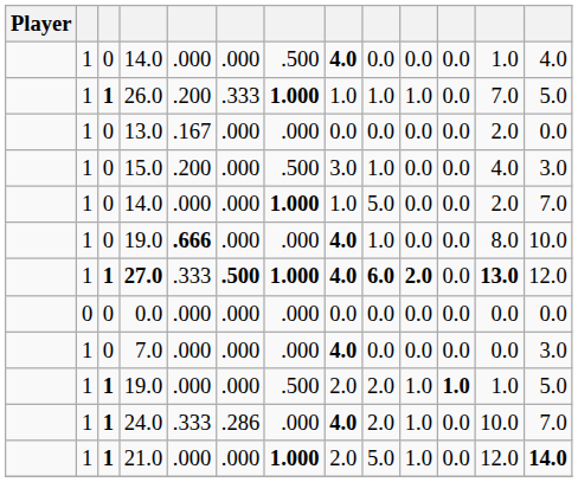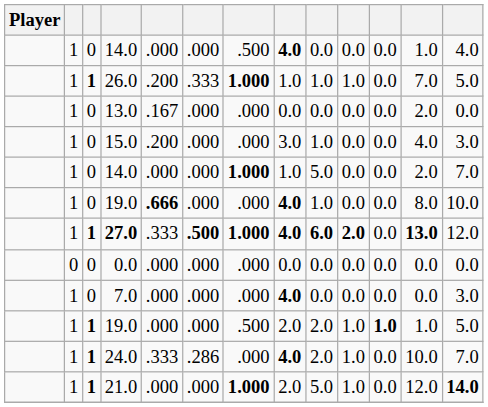 <table class="wikitable sortable" style="font-size:95%; text-align:right">
 <tr>
 <th>Player</th>
 <th></th>
 <th></th>
 <th></th>
 <th></th>
 <th></th>
 <th></th>
 <th></th>
 <th></th>
 <th></th>
 <th></th>
 <th></th>
 <th></th>
 </tr>
 <tr>
 <td><strong></strong></td>
 <td>1</td>
 <td>0</td>
 <td>14.0</td>
 <td>.000</td>
 <td>.000</td>
 <td>.500</td>
 <td><strong>4.0</strong></td>
 <td>0.0</td>
 <td>0.0</td>
 <td>0.0</td>
 <td>1.0</td>
 <td>4.0</td>
 </tr>
 <tr>
 <td><strong></strong></td>
 <td>1</td>
 <td><strong>1</strong></td>
 <td>26.0</td>
 <td>.200</td>
 <td>.333</td>
 <td><strong>1.000</strong></td>
 <td>1.0</td>
 <td>1.0</td>
 <td>1.0</td>
 <td>0.0</td>
 <td>7.0</td>
 <td>5.0</td>
 </tr>
 <tr>
 <td><strong></strong></td>
 <td>1</td>
 <td>0</td>
 <td>13.0</td>
 <td>.167</td>
 <td>.000</td>
 <td>.000</td>
 <td>0.0</td>
 <td>0.0</td>
 <td>0.0</td>
 <td>0.0</td>
 <td>2.0</td>
 <td>0.0</td>
 </tr>
 <tr>
 <td><strong></strong></td>
 <td>1</td>
 <td>0</td>
 <td>15.0</td>
 <td>.200</td>
 <td>.000</td>
-<td>.500</td>
+<td>.000</td>
 <td>3.0</td>
 <td>1.0</td>
 <td>0.0</td>
 <td>0.0</td>
 <td>4.0</td>
 <td>3.0</td>
 </tr>
 <tr>
 <td><strong></strong></td>
 <td>1</td>
 <td>0</td>
 <td>14.0</td>
 <td>.000</td>
 <td>.000</td>
 <td><strong>1.000</strong></td>
 <td>1.0</td>
 <td>5.0</td>
 <td>0.0</td>
 <td>0.0</td>
 <td>2.0</td>
 <td>7.0</td>
 </tr>
 <tr>
 <td><strong></strong></td>
 <td>1</td>
 <td>0</td>
 <td>19.0</td>
 <td><strong>.666</strong></td>
 <td>.000</td>
 <td>.000</td>
 <td><strong>4.0</strong></td>
 <td>1.0</td>
 <td>0.0</td>
 <td>0.0</td>
 <td>8.0</td>
 <td>10.0</td>
 </tr>
 <tr>
 <td><strong></strong></td>
 <td>1</td>
 <td><strong>1</strong></td>
 <td><strong>27.0</strong></td>
 <td>.333</td>
 <td><strong>.500</strong></td>
 <td><strong>1.000</strong></td>
 <td><strong>4.0</strong></td>
 <td><strong>6.0</strong></td>
 <td><strong>2.0</strong></td>
 <td>0.0</td>
 <td><strong>13.0</strong></td>
 <td>12.0</td>
 </tr>
 <tr>
 <td><strong></strong></td>
 <td>0</td>
 <td>0</td>
 <td>0.0</td>
 <td>.000</td>
 <td>.000</td>
 <td>.000</td>
 <td>0.0</td>
 <td>0.0</td>
 <td>0.0</td>
 <td>0.0</td>
 <td>0.0</td>
 <td>0.0</td>
 </tr>
 <tr>
 <td><strong></strong></td>
 <td>1</td>
 <td>0</td>
 <td>7.0</td>
 <td>.000</td>
 <td>.000</td>
 <td>.000</td>
 <td><strong>4.0</strong></td>
 <td>0.0</td>
 <td>0.0</td>
 <td>0.0</td>
 <td>0.0</td>
 <td>3.0</td>
 </tr>
 <tr>
 <td><strong></strong></td>
 <td>1</td>
 <td><strong>1</strong></td>
 <td>19.0</td>
 <td>.000</td>
 <td>.000</td>
 <td>.500</td>
 <td>2.0</td>
 <td>2.0</td>
 <td>1.0</td>
 <td><strong>1.0</strong></td>
 <td>1.0</td>
 <td>5.0</td>
 </tr>
 <tr>
 <td><strong></strong></td>
 <td>1</td>
 <td><strong>1</strong></td>
 <td>24.0</td>
 <td>.333</td>
 <td>.286</td>
 <td>.000</td>
 <td><strong>4.0</strong></td>
 <td>2.0</td>
 <td>1.0</td>
 <td>0.0</td>
 <td>10.0</td>
 <td>7.0</td>
 </tr>
 <tr>
 <td><strong></strong></td>
 <td>1</td>
 <td><strong>1</strong></td>
 <td>21.0</td>
 <td>.000</td>
 <td>.000</td>
 <td><strong>1.000</strong></td>
 <td>2.0</td>
 <td>5.0</td>
 <td>1.0</td>
 <td>0.0</td>
 <td>12.0</td>
 <td><strong>14.0</strong></td>
 </tr>
 <tr>
 </tr>
 </table>
